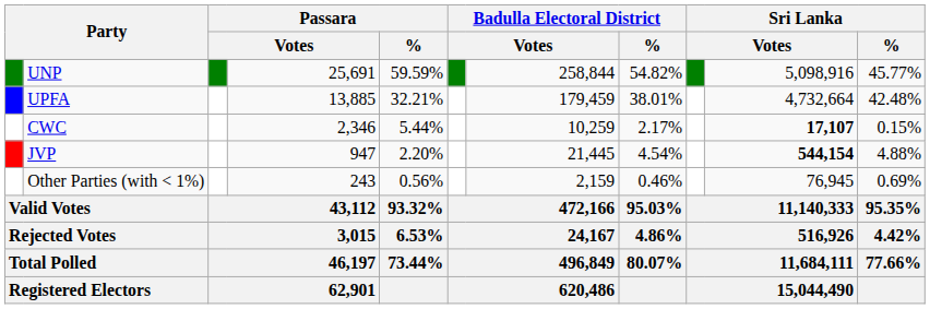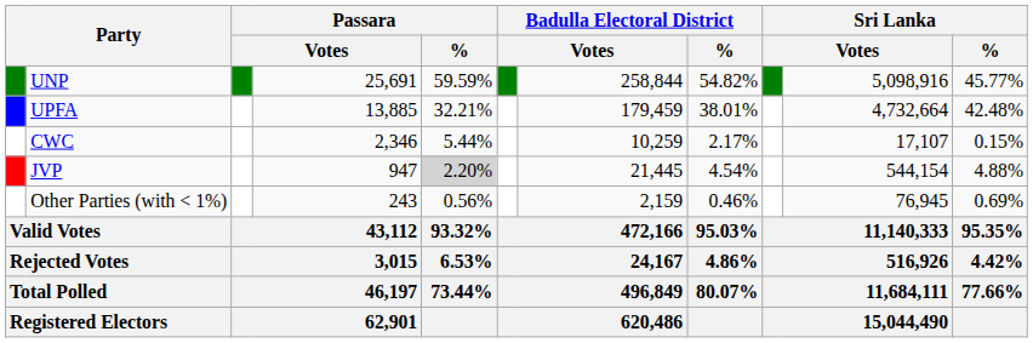 <table class="wikitable">
 <tr>
 <th colspan="2" width="144px"rowspan="2">Party</th>
 <th colspan="3" width="216px">Passara</th>
 <th colspan="3" width="216px"><a href='#'>Badulla Electoral District</a></th>
 <th colspan="3" width="216px">Sri Lanka</th>
 </tr>
 <tr>
 <th colspan="2" width="144px">Votes</th>
 <th>%</th>
 <th colspan="2" width="144px">Votes</th>
 <th>%</th>
 <th colspan="2" width="144px">Votes</th>
 <th>%</th>
 </tr>
 <tr>
 <td style="background-color:green;" width="10px"></td>
 <td style="text-align:left;"><a href='#'>UNP</a></td>
 <td style="background-color:green;" width="10px"></td>
 <td style="text-align:right;">25,691</td>
 <td style="text-align:right;">59.59%</td>
 <td style="background-color:green;" width="10px"></td>
 <td style="text-align:right;">258,844</td>
 <td style="text-align:right;">54.82%</td>
 <td style="background-color:green;" width="10px"></td>
 <td style="text-align:right;">5,098,916</td>
 <td style="text-align:right;">45.77%</td>
 </tr>
 <tr>
 <td style="background-color:blue;" width="10px"></td>
 <td style="text-align:left;"><a href='#'>UPFA</a></td>
 <td style="background-color:white;" width="10px"></td>
 <td style="text-align:right;">13,885</td>
 <td style="text-align:right;">32.21%</td>
 <td style="background-color:white;" width="10px"></td>
 <td style="text-align:right;">179,459</td>
 <td style="text-align:right;">38.01%</td>
 <td style="background-color:white;" width="10px"></td>
 <td style="text-align:right;">4,732,664</td>
 <td style="text-align:right;">42.48%</td>
 </tr>
 <tr>
 <td style="background-color:white;" width="10px"></td>
 <td style="text-align:left;"><a href='#'>CWC</a></td>
 <td style="background-color:white;" width="10px"></td>
 <td style="text-align:right;">2,346</td>
 <td style="text-align:right;">5.44%</td>
 <td style="background-color:white;" width="10px"></td>
 <td style="text-align:right;">10,259</td>
 <td style="text-align:right;">2.17%</td>
 <td style="background-color:white;" width="10px"></td>
-<td style="text-align:right;"><strong>17,107</strong></td>
+<td style="text-align:right;">17,107</td>
 <td style="text-align:right;">0.15%</td>
 </tr>
 <tr>
 <td style="background-color:red;" width="10px"></td>
 <td style="text-align:left;"><a href='#'>JVP</a></td>
 <td style="background-color:white;" width="10px"></td>
 <td style="text-align:right;">947</td>
-<td style="text-align:right;">2.20%</td>
+<td style="background: lightgrey; text-align:right;">2.20%</td>
 <td style="background-color:white;" width="10px"></td>
 <td style="text-align:right;">21,445</td>
 <td style="text-align:right;">4.54%</td>
 <td style="background-color:white;" width="10px"></td>
-<td style="text-align:right;"><strong>544,154</strong></td>
+<td style="text-align:right;">544,154</td>
 <td style="text-align:right;">4.88%</td>
 </tr>
 <tr>
 <td style="background-color:white;" width="10px"></td>
 <td style="text-align:left;">Other Parties (with < 1%)</td>
 <td style="background-color:white;" width="10px"></td>
 <td style="text-align:right;">243</td>
 <td style="text-align:right;">0.56%</td>
 <td style="background-color:white;" width="10px"></td>
 <td style="text-align:right;">2,159</td>
 <td style="text-align:right;">0.46%</td>
 <td style="background-color:white;" width="10px"></td>
 <td style="text-align:right;">76,945</td>
 <td style="text-align:right;">0.69%</td>
 </tr>
 <tr>
 <th colspan="2" width="144px"style="text-align:left;">Valid Votes</th>
 <th style="text-align:right;"colspan="2" width="144px">43,112</th>
 <th style="text-align:right;">93.32%</th>
 <th style="text-align:right;"colspan="2" width="144px">472,166</th>
 <th style="text-align:right;">95.03%</th>
 <th style="text-align:right;"colspan="2" width="144px">11,140,333</th>
 <th style="text-align:right;">95.35%</th>
 </tr>
 <tr>
 <th colspan="2" width="144px"style="text-align:left;">Rejected Votes</th>
 <th style="text-align:right;"colspan="2" width="144px">3,015</th>
 <th style="text-align:right;">6.53%</th>
 <th style="text-align:right;"colspan="2" width="144px">24,167</th>
 <th style="text-align:right;">4.86%</th>
 <th style="text-align:right;"colspan="2" width="144px">516,926</th>
 <th style="text-align:right;">4.42%</th>
 </tr>
 <tr>
 <th colspan="2" width="144px"style="text-align:left;">Total Polled</th>
 <th style="text-align:right;"colspan="2" width="144px">46,197</th>
 <th style="text-align:right;">73.44%</th>
 <th style="text-align:right;"colspan="2" width="144px">496,849</th>
 <th style="text-align:right;">80.07%</th>
 <th style="text-align:right;"colspan="2" width="144px">11,684,111</th>
 <th style="text-align:right;">77.66%</th>
 </tr>
 <tr>
 <th colspan="2" width="144px"style="text-align:left;">Registered Electors</th>
 <th style="text-align:right;"colspan="2" width="144px">62,901</th>
 <th></th>
 <th style="text-align:right;"colspan="2" width="144px">620,486</th>
 <th></th>
 <th style="text-align:right;"colspan="2" width="144px">15,044,490</th>
 <th></th>
 </tr>
 </table>
